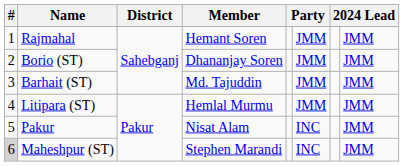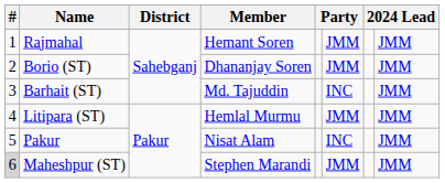 <table class="wikitable">
 <tr>
 <th>#</th>
 <th>Name</th>
 <th>District</th>
 <th>Member</th>
 <th colspan="2">Party</th>
 <th colspan="2">2024 Lead</th>
 </tr>
 <tr>
 <td>1</td>
 <td><a href='#'>Rajmahal</a></td>
 <td rowspan="3"><a href='#'>Sahebganj</a></td>
 <td><a href='#'>Hemant Soren</a></td>
 <td style="background-color: "></td>
 <td><a href='#'>JMM</a></td>
 <td style="background-color: "></td>
 <td><a href='#'>JMM</a></td>
 </tr>
 <tr>
 <td>2</td>
 <td><a href='#'>Borio</a> (ST)</td>
 <td><a href='#'>Dhananjay Soren</a></td>
 <td style="background-color: "></td>
 <td><a href='#'>JMM</a></td>
 <td style="background-color: "></td>
 <td><a href='#'>JMM</a></td>
 </tr>
 <tr>
 <td>3</td>
 <td><a href='#'>Barhait</a> (ST)</td>
 <td><a href='#'>Md. Tajuddin</a></td>
 <td style="background-color: "></td>
-<td><a href='#'>JMM</a></td>
+<td><a href='#'>INC</a></td>
 <td style="background-color: "></td>
 <td><a href='#'>JMM</a></td>
 </tr>
 <tr>
 <td>4</td>
 <td><a href='#'>Litipara</a> (ST)</td>
 <td rowspan="3"><a href='#'>Pakur</a></td>
 <td><a href='#'>Hemlal Murmu</a></td>
 <td style="background-color: "></td>
 <td><a href='#'>JMM</a></td>
 <td style="background-color: "></td>
 <td><a href='#'>JMM</a></td>
 </tr>
 <tr>
 <td>5</td>
 <td><a href='#'>Pakur</a></td>
 <td><a href='#'>Nisat Alam</a></td>
 <td style="background-color: "></td>
 <td><a href='#'>INC</a></td>
 <td style="background-color: "></td>
 <td><a href='#'>JMM</a></td>
 </tr>
 <tr>
 <td style="background: lightgrey;">6</td>
 <td><a href='#'>Maheshpur</a> (ST)</td>
 <td><a href='#'>Stephen Marandi</a></td>
 <td style="background-color: "></td>
-<td><a href='#'>INC</a></td>
+<td><a href='#'>JMM</a></td>
 <td style="background-color: "></td>
 <td><a href='#'>JMM</a></td>
 </tr>
 </table>
